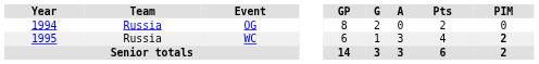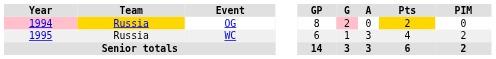 <table border="0" cellpadding="1" cellspacing="0" style="text-align:center; width:50em">
 <tr ALIGN="center" bgcolor="#e0e0e0">
 <th>Year</th>
 <th>Team</th>
 <th>Event</th>
 <th ALIGN="center" rowspan="99" bgcolor="#ffffff"> </th>
 <th>GP</th>
 <th>G</th>
 <th>A</th>
 <th>Pts</th>
 <th>PIM</th>
 </tr>
 <tr>
-<td><a href='#'>1994</a></td>
-<td><a href='#'>Russia</a></td>
+<td style="background: pink;"><a href='#'>1994</a></td>
+<td style="background: gold;"><a href='#'>Russia</a></td>
 <td><a href='#'>OG</a></td>
 <td>8</td>
-<td>2</td>
+<td style="background: pink;">2</td>
 <td>0</td>
-<td>2</td>
+<td style="background: gold;">2</td>
 <td>0</td>
 </tr>
 <tr bgcolor="#f0f0f0">
 <td><a href='#'>1995</a></td>
 <td>Russia</td>
 <td><a href='#'>WC</a></td>
 <td>6</td>
 <td>1</td>
 <td>3</td>
 <td>4</td>
-<td><strong>2</strong></td>
+<td>2</td>
 </tr>
 <tr bgcolor="#e0e0e0">
 <th colspan="3">Senior totals</th>
 <th>14</th>
 <th>3</th>
 <th>3</th>
 <th>6</th>
 <th>2</th>
 </tr>
 </table>
